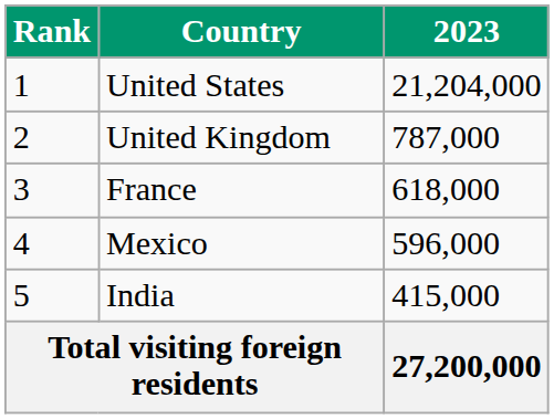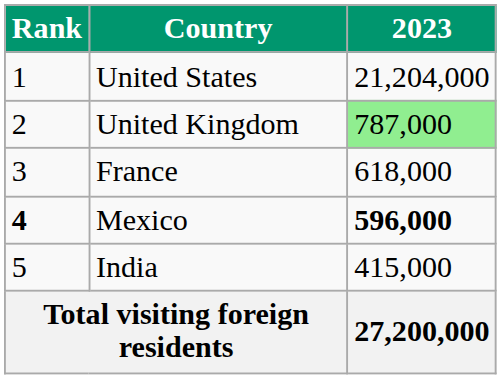 <table class="wikitable">
 <tr>
 </tr>
 <tr style="color:white;">
 <th style="width:5px; background:#00966E;">Rank</th>
 <th style="width:130px; background:#00966E;">Country</th>
 <th style="width:50px; background:#00966E;">2023</th>
 </tr>
 <tr>
 <td>1</td>
 <td>United States</td>
 <td>21,204,000</td>
 </tr>
 <tr>
 <td>2</td>
 <td>United Kingdom</td>
-<td>787,000</td>
+<td style="background: lightgreen;">787,000</td>
 </tr>
 <tr>
 <td>3</td>
 <td>France</td>
 <td>618,000</td>
 </tr>
 <tr>
-<td>4</td>
+<td><strong>4</strong></td>
 <td>Mexico</td>
-<td>596,000</td>
+<td><strong>596,000</strong></td>
 </tr>
 <tr>
 <td>5</td>
 <td>India</td>
 <td>415,000</td>
 </tr>
 <tr>
 <th colspan=2>Total visiting foreign residents</th>
 <th>27,200,000</th>
 </tr>
 </table>
